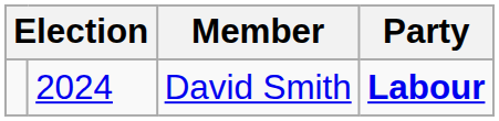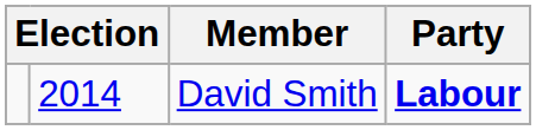 <table class="wikitable">
 <tr>
 <th colspan="2">Election</th>
 <th>Member</th>
 <th>Party</th>
 </tr>
 <tr>
 <td style="color:inherit;background-color: "></td>
-<td><a href='#'>2024</a></td>
+<td><a href='#'>2014</a></td>
 <td><a href='#'>David Smith</a></td>
 <td><strong><a href='#'>Labour</a></strong></td>
 </tr>
 </table>
